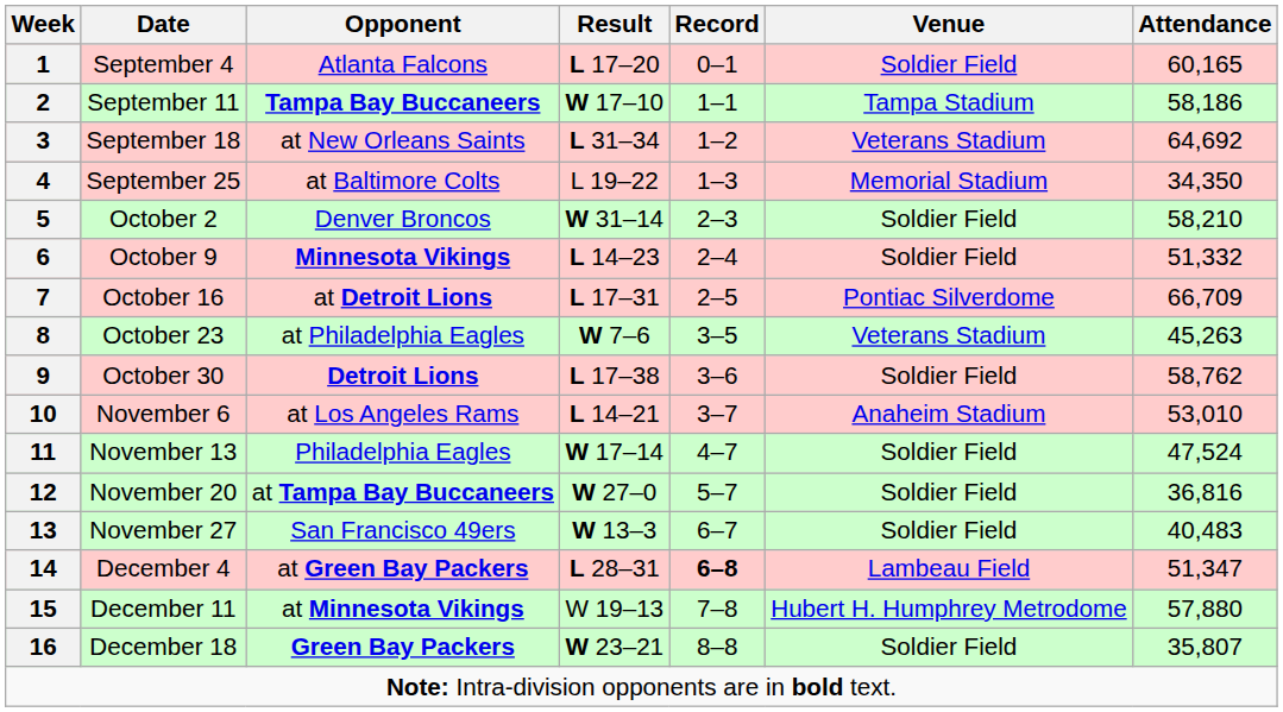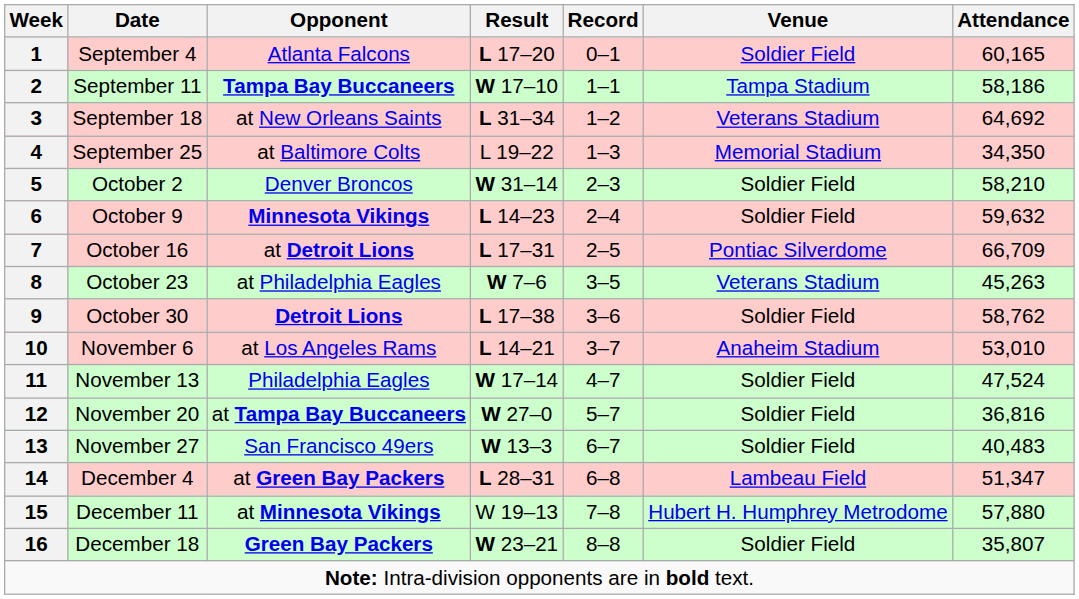 <table class="wikitable" style="text-align:center">
 <tr>
 <th>Week</th>
 <th>Date</th>
 <th>Opponent</th>
 <th>Result</th>
 <th>Record</th>
 <th>Venue</th>
 <th>Attendance</th>
 </tr>
 <tr style="background:#fcc">
 <th>1</th>
 <td>September 4</td>
 <td><a href='#'>Atlanta Falcons</a></td>
 <td><strong>L</strong> 17–20</td>
 <td>0–1</td>
 <td><a href='#'>Soldier Field</a></td>
 <td>60,165</td>
 </tr>
 <tr style="background:#cfc">
 <th>2</th>
 <td>September 11</td>
 <td><strong><a href='#'>Tampa Bay Buccaneers</a></strong></td>
 <td><strong>W</strong> 17–10</td>
 <td>1–1</td>
 <td><a href='#'>Tampa Stadium</a></td>
 <td>58,186</td>
 </tr>
 <tr style="background:#fcc">
 <th>3</th>
 <td>September 18</td>
 <td>at <a href='#'>New Orleans Saints</a></td>
 <td><strong>L</strong> 31–34</td>
 <td>1–2</td>
 <td><a href='#'>Veterans Stadium</a></td>
 <td>64,692</td>
 </tr>
 <tr style="background:#fcc">
 <th>4</th>
 <td>September 25</td>
 <td>at <a href='#'>Baltimore Colts</a></td>
 <td>L 19–22</td>
 <td>1–3</td>
 <td><a href='#'>Memorial Stadium</a></td>
 <td>34,350</td>
 </tr>
 <tr style="background:#cfc">
 <th>5</th>
 <td>October 2</td>
 <td><a href='#'>Denver Broncos</a></td>
 <td><strong>W</strong> 31–14</td>
 <td>2–3</td>
 <td>Soldier Field</td>
 <td>58,210</td>
 </tr>
 <tr style="background:#fcc">
 <th>6</th>
 <td>October 9</td>
 <td><strong><a href='#'>Minnesota Vikings</a></strong></td>
 <td><strong>L</strong> 14–23</td>
 <td>2–4</td>
 <td>Soldier Field</td>
-<td>51,332</td>
+<td>59,632</td>
 </tr>
 <tr style="background:#fcc">
 <th>7</th>
 <td>October 16</td>
 <td>at <strong><a href='#'>Detroit Lions</a></strong></td>
 <td><strong>L</strong> 17–31</td>
 <td>2–5</td>
 <td><a href='#'>Pontiac Silverdome</a></td>
 <td>66,709</td>
 </tr>
 <tr style="background:#cfc">
 <th>8</th>
 <td>October 23</td>
 <td>at <a href='#'>Philadelphia Eagles</a></td>
 <td><strong>W</strong> 7–6</td>
 <td>3–5</td>
 <td><a href='#'>Veterans Stadium</a></td>
 <td>45,263</td>
 </tr>
 <tr style="background:#fcc">
 <th>9</th>
 <td>October 30</td>
 <td><strong><a href='#'>Detroit Lions</a></strong></td>
 <td><strong>L</strong> 17–38</td>
 <td>3–6</td>
 <td>Soldier Field</td>
 <td>58,762</td>
 </tr>
 <tr style="background:#fcc">
 <th>10</th>
 <td>November 6</td>
 <td>at <a href='#'>Los Angeles Rams</a></td>
 <td><strong>L</strong> 14–21</td>
 <td>3–7</td>
 <td><a href='#'>Anaheim Stadium</a></td>
 <td>53,010</td>
 </tr>
 <tr style="background:#cfc">
 <th>11</th>
 <td>November 13</td>
 <td><a href='#'>Philadelphia Eagles</a></td>
 <td><strong>W</strong> 17–14</td>
 <td>4–7</td>
 <td>Soldier Field</td>
 <td>47,524</td>
 </tr>
 <tr style="background:#cfc">
 <th>12</th>
 <td>November 20</td>
 <td>at <strong><a href='#'>Tampa Bay Buccaneers</a></strong></td>
 <td><strong>W</strong> 27–0</td>
 <td>5–7</td>
 <td>Soldier Field</td>
 <td>36,816</td>
 </tr>
 <tr style="background:#cfc">
 <th>13</th>
 <td>November 27</td>
 <td><a href='#'>San Francisco 49ers</a></td>
 <td><strong>W</strong> 13–3</td>
 <td>6–7</td>
 <td>Soldier Field</td>
 <td>40,483</td>
 </tr>
 <tr style="background:#fcc">
 <th>14</th>
 <td>December 4</td>
 <td>at <strong><a href='#'>Green Bay Packers</a></strong></td>
 <td><strong>L</strong> 28–31</td>
-<td><strong>6–8</strong></td>
+<td>6–8</td>
 <td><a href='#'>Lambeau Field</a></td>
 <td>51,347</td>
 </tr>
 <tr style="background:#cfc">
 <th>15</th>
 <td>December 11</td>
 <td>at <strong><a href='#'>Minnesota Vikings</a></strong></td>
 <td>W 19–13</td>
 <td>7–8</td>
 <td><a href='#'>Hubert H. Humphrey Metrodome</a></td>
 <td>57,880</td>
 </tr>
 <tr style="background:#cfc">
 <th>16</th>
 <td>December 18</td>
 <td><strong><a href='#'>Green Bay Packers</a></strong></td>
 <td><strong>W</strong> 23–21</td>
 <td>8–8</td>
 <td>Soldier Field</td>
 <td>35,807</td>
 </tr>
 <tr>
 <td colspan="8"><strong>Note:</strong> Intra-division opponents are in <strong>bold</strong> text.</td>
 </tr>
 </table>
